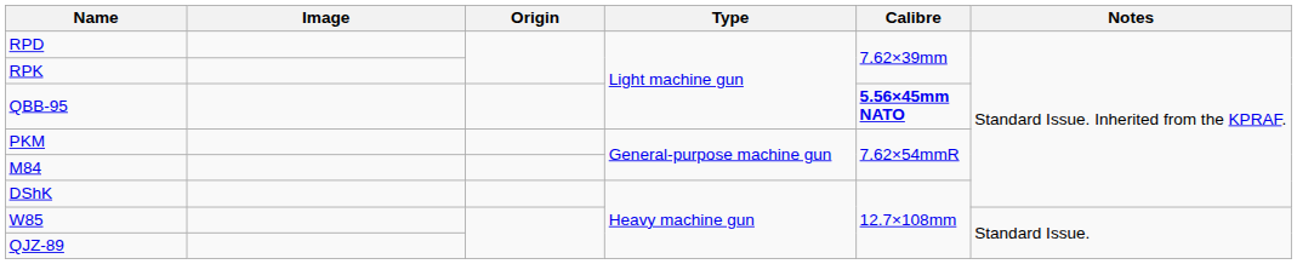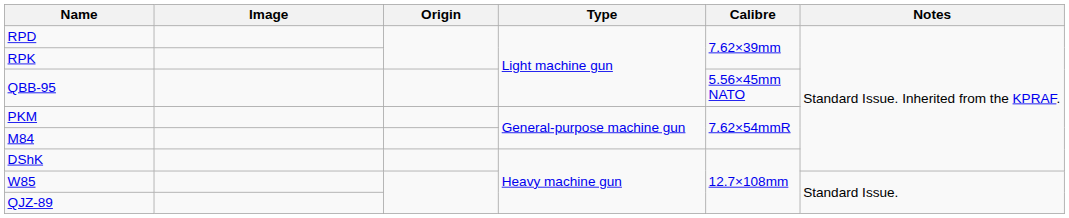 <table class="wikitable sortable">
 <tr>
 <th style="text-align: center; width:13%;">Name</th>
 <th style="text-align: center; width:20%;">Image</th>
 <th style="text-align: center; width:10%;">Origin</th>
 <th style="text-align: center; width:18%;">Type</th>
 <th style="text-align: center; width:7%;">Calibre</th>
 <th style="text-align: center; width:23%;">Notes</th>
 </tr>
 <tr>
 <td><a href='#'>RPD</a></td>
 <td></td>
 <td rowspan="2"></td>
 <td rowspan="3"><a href='#'>Light machine gun</a></td>
 <td rowspan="2"><a href='#'>7.62×39mm</a></td>
 <td rowspan="6">Standard Issue. Inherited from the <a href='#'>KPRAF</a>.</td>
 </tr>
 <tr>
 <td><a href='#'>RPK</a></td>
 <td></td>
 </tr>
 <tr>
 <td><a href='#'>QBB-95</a></td>
 <td></td>
 <td></td>
-<td><strong><a href='#'>5.56×45mm NATO</a></strong></td>
+<td><a href='#'>5.56×45mm NATO</a></td>
 </tr>
 <tr>
 <td><a href='#'>PKM</a></td>
 <td></td>
 <td><br></td>
 <td rowspan="2"><a href='#'>General-purpose machine gun</a></td>
 <td rowspan="2"><a href='#'>7.62×54mmR</a></td>
 </tr>
 <tr>
 <td><a href='#'>M84</a></td>
 <td></td>
 <td></td>
 </tr>
 <tr>
 <td><a href='#'>DShK</a></td>
 <td></td>
 <td></td>
 <td rowspan="3"><a href='#'>Heavy machine gun</a></td>
 <td rowspan="3"><a href='#'>12.7×108mm</a></td>
 </tr>
 <tr>
 <td><a href='#'>W85</a></td>
 <td></td>
 <td rowspan="2"></td>
 <td rowspan="2">Standard Issue.</td>
 </tr>
 <tr>
 <td><a href='#'>QJZ-89</a></td>
 <td></td>
 </tr>
 </table>
